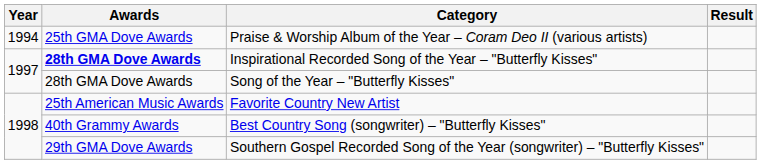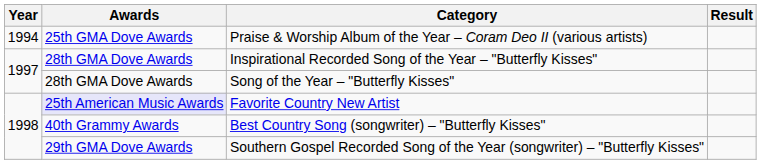 <table class="wikitable">
 <tr>
 <th>Year</th>
 <th>Awards</th>
 <th>Category</th>
 <th>Result</th>
 </tr>
 <tr>
 <td>1994</td>
 <td><a href='#'>25th GMA Dove Awards</a></td>
 <td>Praise & Worship Album of the Year – <em>Coram Deo II</em> (various artists)</td>
 <td></td>
 </tr>
 <tr>
 <td rowspan="2">1997</td>
-<td><strong><a href='#'>28th GMA Dove Awards</a></strong></td>
+<td><a href='#'>28th GMA Dove Awards</a></td>
 <td>Inspirational Recorded Song of the Year – "Butterfly Kisses"</td>
 <td></td>
 </tr>
 <tr>
 <td>28th GMA Dove Awards</td>
 <td>Song of the Year – "Butterfly Kisses"</td>
 <td></td>
 </tr>
 <tr>
 <td rowspan="3">1998</td>
-<td><a href='#'>25th American Music Awards</a></td>
+<td style="background: lavender;"><a href='#'>25th American Music Awards</a></td>
 <td><a href='#'>Favorite Country New Artist</a></td>
 <td></td>
 </tr>
 <tr>
 <td><a href='#'>40th Grammy Awards</a></td>
 <td><a href='#'>Best Country Song</a> (songwriter) – "Butterfly Kisses"</td>
 <td></td>
 </tr>
 <tr>
 <td><a href='#'>29th GMA Dove Awards</a></td>
 <td>Southern Gospel Recorded Song of the Year (songwriter) – "Butterfly Kisses"</td>
 <td></td>
 </tr>
 </table>
